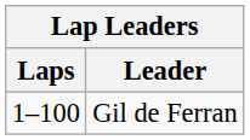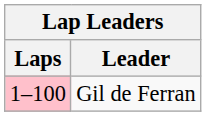 <table class="wikitable">
 <tr>
 <th colspan=2>Lap Leaders</th>
 </tr>
 <tr>
 <th>Laps</th>
 <th>Leader</th>
 </tr>
 <tr>
-<td>1–100</td>
+<td style="background: pink;">1–100</td>
 <td>Gil de Ferran</td>
 </tr>
 </table>
